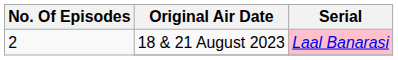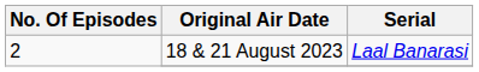 <table class="wikitable sortable">
 <tr>
 <th>No. Of Episodes</th>
 <th>Original Air Date</th>
 <th>Serial</th>
 </tr>
 <tr>
 <td rowspan = "2">2</td>
 <td>18 & 21 August 2023</td>
-<td style="background: pink;"><em><a href='#'>Laal Banarasi</a></em></td>
+<td><em><a href='#'>Laal Banarasi</a></em></td>
 </tr>
 <tr>
 </tr>
 </table>
